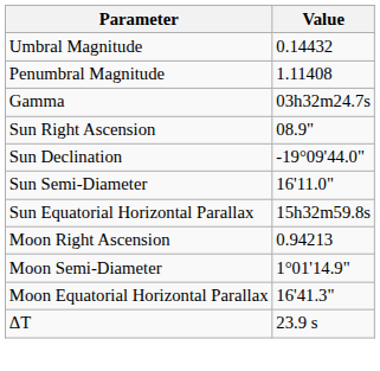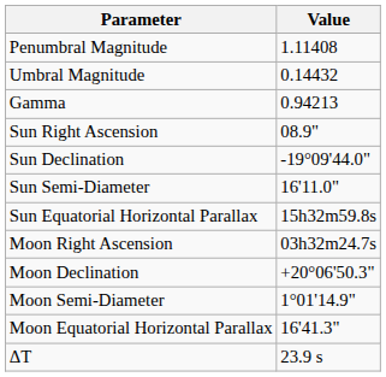 <table class="wikitable">
 <tr>
 <th>Parameter</th>
 <th>Value</th>
 </tr>
 <tr>
+<td>Penumbral Magnitude</td>
+<td>1.11408</td>
+</tr>
+<tr>
 <td>Umbral Magnitude</td>
 <td>0.14432</td>
 </tr>
 <tr>
-<td>Penumbral Magnitude</td>
-<td>1.11408</td>
-</tr>
-<tr>
 <td>Gamma</td>
-<td>03h32m24.7s</td>
+<td>0.94213</td>
 </tr>
 <tr>
 <td>Sun Right Ascension</td>
 <td>08.9"</td>
 </tr>
 <tr>
 <td>Sun Declination</td>
 <td>-19°09'44.0"</td>
 </tr>
 <tr>
 <td>Sun Semi-Diameter</td>
 <td>16'11.0"</td>
 </tr>
 <tr>
 <td>Sun Equatorial Horizontal Parallax</td>
 <td>15h32m59.8s</td>
 </tr>
 <tr>
 <td>Moon Right Ascension</td>
-<td>0.94213</td>
+<td>03h32m24.7s</td>
+</tr>
+<tr>
+<td>Moon Declination</td>
+<td>+20°06'50.3"</td>
 </tr>
 <tr>
 <td>Moon Semi-Diameter</td>
 <td>1°01'14.9"</td>
 </tr>
 <tr>
 <td>Moon Equatorial Horizontal Parallax</td>
 <td>16'41.3"</td>
 </tr>
 <tr>
 <td>ΔT</td>
 <td>23.9 s</td>
 </tr>
 </table>
